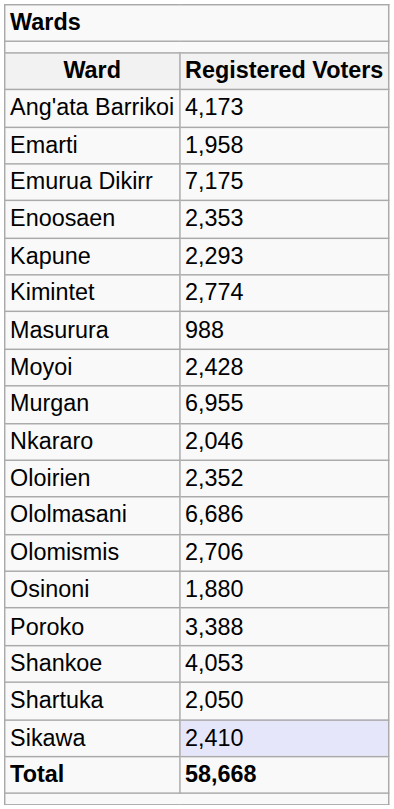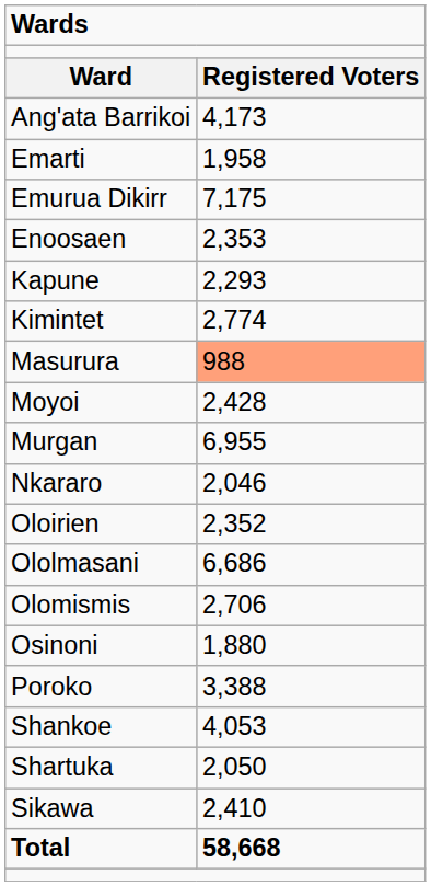 <table class="wikitable">
 <tr>
 <td colspan="2"><strong>Wards</strong></td>
 </tr>
 <tr>
 <td colspan="2"></td>
 </tr>
 <tr>
 <th>Ward</th>
 <th>Registered Voters</th>
 </tr>
 <tr>
 <td>Ang'ata Barrikoi</td>
 <td>4,173</td>
 </tr>
 <tr>
 <td>Emarti</td>
 <td>1,958</td>
 </tr>
 <tr>
 <td>Emurua Dikirr</td>
 <td>7,175</td>
 </tr>
 <tr>
 <td>Enoosaen</td>
 <td>2,353</td>
 </tr>
 <tr>
 <td>Kapune</td>
 <td>2,293</td>
 </tr>
 <tr>
 <td>Kimintet</td>
 <td>2,774</td>
 </tr>
 <tr>
 <td>Masurura</td>
-<td>988</td>
+<td style="background: lightsalmon;">988</td>
 </tr>
 <tr>
 <td>Moyoi</td>
 <td>2,428</td>
 </tr>
 <tr>
 <td>Murgan</td>
 <td>6,955</td>
 </tr>
 <tr>
 <td>Nkararo</td>
 <td>2,046</td>
 </tr>
 <tr>
 <td>Oloirien</td>
 <td>2,352</td>
 </tr>
 <tr>
 <td>Ololmasani</td>
 <td>6,686</td>
 </tr>
 <tr>
 <td>Olomismis</td>
 <td>2,706</td>
 </tr>
 <tr>
 <td>Osinoni</td>
 <td>1,880</td>
 </tr>
 <tr>
 <td>Poroko</td>
 <td>3,388</td>
 </tr>
 <tr>
 <td>Shankoe</td>
 <td>4,053</td>
 </tr>
 <tr>
 <td>Shartuka</td>
 <td>2,050</td>
 </tr>
 <tr>
 <td>Sikawa</td>
-<td style="background: lavender;">2,410</td>
+<td>2,410</td>
 </tr>
 <tr>
 <td><strong>Total</strong></td>
 <td><strong>58,668</strong></td>
 </tr>
 <tr>
 <td colspan="2"></td>
 </tr>
 </table>
